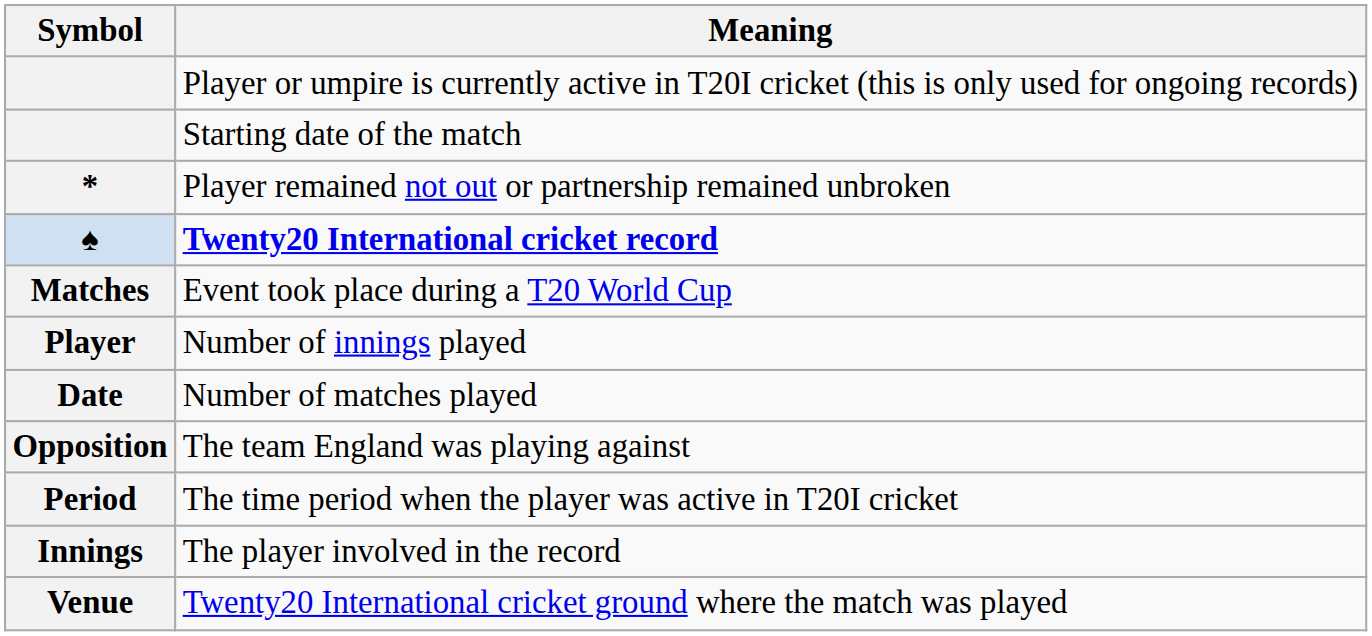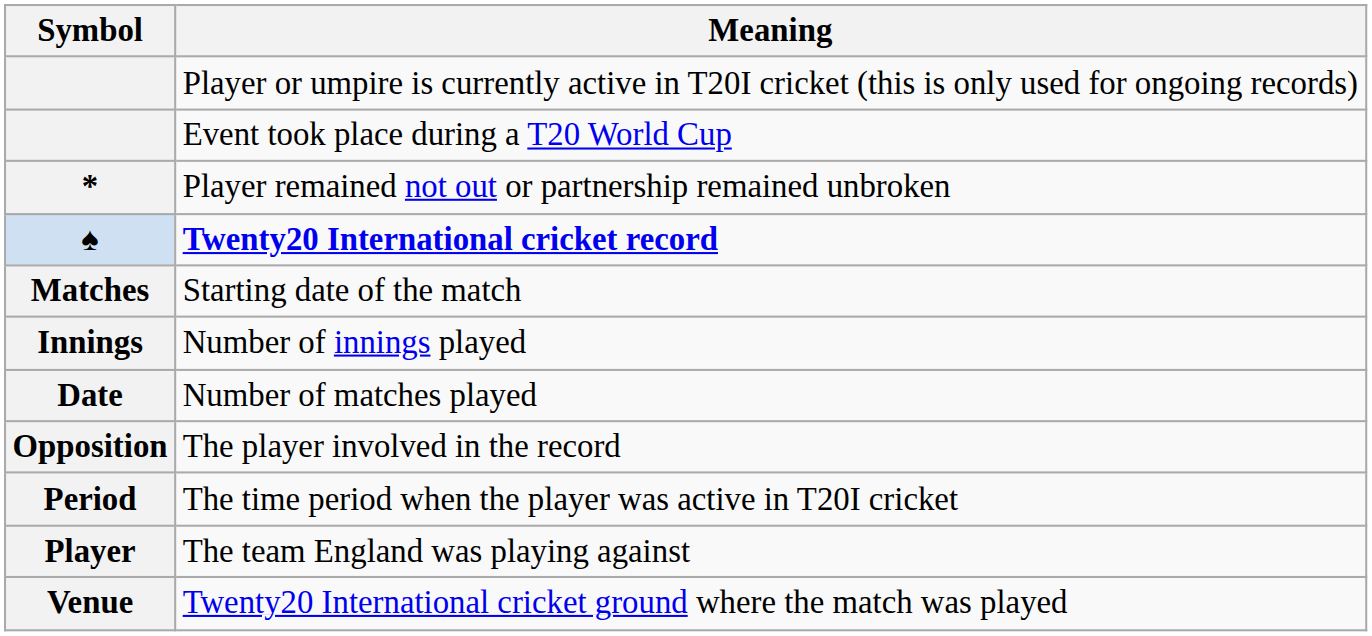 <table class="wikitable plainrowheaders">
 <tr>
 <th scope=col>Symbol</th>
 <th scope=col>Meaning</th>
 </tr>
 <tr>
 <th scope=row></th>
 <td>Player or umpire is currently active in T20I cricket (this is only used for ongoing records)</td>
 </tr>
 <tr>
 <th scope=row></th>
-<td>Starting date of the match</td>
+<td>Event took place during a <a href='#'>T20 World Cup</a></td>
 </tr>
 <tr>
 <th scope=row>*</th>
 <td>Player remained <a href='#'>not out</a> or partnership remained unbroken</td>
 </tr>
 <tr>
 <th scope=row style=background:#cee0f2;>♠</th>
 <td><strong><a href='#'>Twenty20 International cricket record</a></strong></td>
 </tr>
 <tr>
 <th scope=row>Matches</th>
-<td>Event took place during a <a href='#'>T20 World Cup</a></td>
+<td>Starting date of the match</td>
 </tr>
 <tr>
-<th scope=row>Player</th>
+<th scope=row>Innings</th>
 <td>Number of <a href='#'>innings</a> played</td>
 </tr>
 <tr>
 <th scope=row>Date</th>
 <td>Number of matches played</td>
 </tr>
 <tr>
 <th scope=row>Opposition</th>
-<td>The team England was playing against</td>
+<td>The player involved in the record</td>
 </tr>
 <tr>
 <th scope=row>Period</th>
 <td>The time period when the player was active in T20I cricket</td>
 </tr>
 <tr>
-<th scope=row>Innings</th>
-<td>The player involved in the record</td>
+<th scope=row>Player</th>
+<td>The team England was playing against</td>
 </tr>
 <tr>
 <th scope=row>Venue</th>
 <td><a href='#'>Twenty20 International cricket ground</a> where the match was played</td>
 </tr>
 </table>
